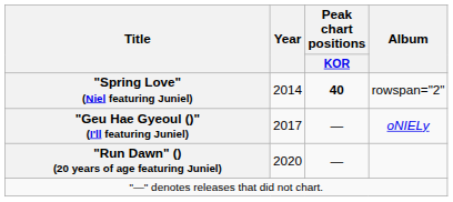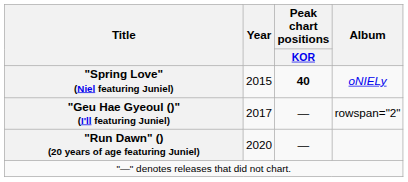 <table class="wikitable plainrowheaders" style="text-align:center">
 <tr>
 <th scope="col" rowspan="2" style="width:20em;">Title</th>
 <th scope="col" rowspan="2">Year</th>
 <th scope="col">Peak chart positions</th>
 <th scope="col" rowspan="2">Album</th>
 </tr>
 <tr>
 <th scope="col" style="font-size:90%; width:3em"><a href='#'>KOR</a><br></th>
 </tr>
 <tr>
 <th scope="row">"Spring Love"<br><small>(<a href='#'>Niel</a> featuring Juniel)</small></th>
-<td>2014</td>
+<td>2015</td>
 <td><strong>40</strong></td>
-<td>rowspan="2" </td>
+<td><em><a href='#'>oNIELy</a></em></td>
 </tr>
 <tr>
 <th scope="row">"Geu Hae Gyeoul ()"<br><small>(<a href='#'>I'll</a> featuring Juniel)</small></th>
 <td>2017</td>
 <td>—</td>
-<td><em><a href='#'>oNIELy</a></em></td>
+<td>rowspan="2" </td>
 </tr>
 <tr>
 <th scope="row">"Run Dawn" ()<br><small>(20 years of age featuring Juniel)</small></th>
 <td>2020</td>
 <td>—</td>
 </tr>
 <tr>
 <td colspan="4" style="font-size:85%">"—" denotes releases that did not chart.</td>
 </tr>
 </table>
